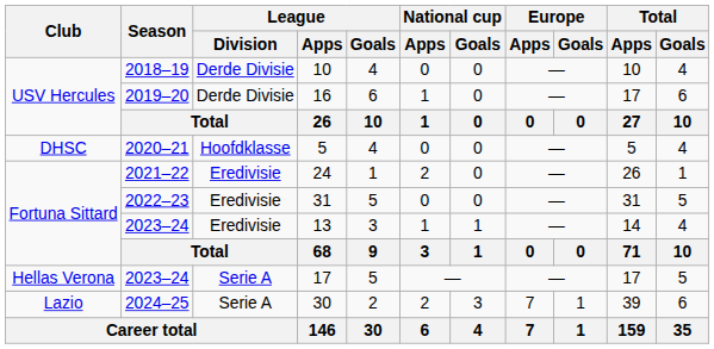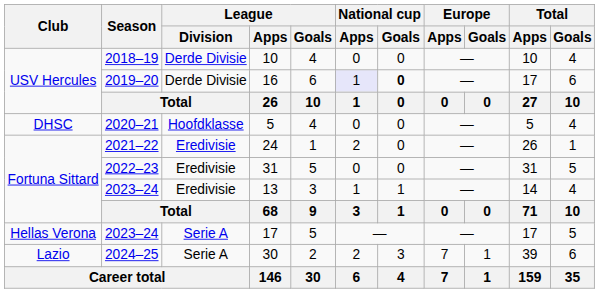 <table class="wikitable" style="text-align:center">
 <tr>
 <th rowspan="2">Club</th>
 <th rowspan="2">Season</th>
 <th colspan="3">League</th>
 <th colspan="2">National cup</th>
 <th colspan="2">Europe</th>
 <th colspan="2">Total</th>
 </tr>
 <tr>
 <th>Division</th>
 <th>Apps</th>
 <th>Goals</th>
 <th>Apps</th>
 <th>Goals</th>
 <th>Apps</th>
 <th>Goals</th>
 <th>Apps</th>
 <th>Goals</th>
 </tr>
 <tr>
 <td rowspan="3"><a href='#'>USV Hercules</a></td>
 <td><a href='#'>2018–19</a></td>
 <td><a href='#'>Derde Divisie</a></td>
 <td>10</td>
 <td>4</td>
 <td>0</td>
 <td>0</td>
 <td colspan="2">—</td>
 <td>10</td>
 <td>4</td>
 </tr>
 <tr>
 <td><a href='#'>2019–20</a></td>
 <td>Derde Divisie</td>
 <td>16</td>
 <td>6</td>
-<td>1</td>
-<td>0</td>
+<td style="background: lavender;">1</td>
+<td><strong>0</strong></td>
 <td colspan="2">—</td>
 <td>17</td>
 <td>6</td>
 </tr>
 <tr>
 <th colspan="2">Total</th>
 <th>26</th>
 <th>10</th>
 <th>1</th>
 <th>0</th>
 <th>0</th>
 <th>0</th>
 <th>27</th>
 <th>10</th>
 </tr>
 <tr>
 <td><a href='#'>DHSC</a></td>
 <td><a href='#'>2020–21</a></td>
 <td><a href='#'>Hoofdklasse</a></td>
 <td>5</td>
 <td>4</td>
 <td>0</td>
 <td>0</td>
 <td colspan="2">—</td>
 <td>5</td>
 <td>4</td>
 </tr>
 <tr>
 <td rowspan="4"><a href='#'>Fortuna Sittard</a></td>
 <td><a href='#'>2021–22</a></td>
 <td><a href='#'>Eredivisie</a></td>
 <td>24</td>
 <td>1</td>
 <td>2</td>
 <td>0</td>
 <td colspan="2">—</td>
 <td>26</td>
 <td>1</td>
 </tr>
 <tr>
 <td><a href='#'>2022–23</a></td>
 <td>Eredivisie</td>
 <td>31</td>
 <td>5</td>
 <td>0</td>
 <td>0</td>
 <td colspan="2">—</td>
 <td>31</td>
 <td>5</td>
 </tr>
 <tr>
 <td><a href='#'>2023–24</a></td>
 <td>Eredivisie</td>
 <td>13</td>
 <td>3</td>
 <td>1</td>
 <td>1</td>
 <td colspan="2">—</td>
 <td>14</td>
 <td>4</td>
 </tr>
 <tr>
 <th colspan="2">Total</th>
 <th>68</th>
 <th>9</th>
 <th>3</th>
 <th>1</th>
 <th>0</th>
 <th>0</th>
 <th>71</th>
 <th>10</th>
 </tr>
 <tr>
 <td><a href='#'>Hellas Verona</a></td>
 <td><a href='#'>2023–24</a></td>
 <td><a href='#'>Serie A</a></td>
 <td>17</td>
 <td>5</td>
 <td colspan="2">—</td>
 <td colspan="2">—</td>
 <td>17</td>
 <td>5</td>
 </tr>
 <tr>
 <td><a href='#'>Lazio</a></td>
 <td><a href='#'>2024–25</a></td>
 <td>Serie A</td>
 <td>30</td>
 <td>2</td>
 <td>2</td>
 <td>3</td>
 <td>7</td>
 <td>1</td>
 <td>39</td>
 <td>6</td>
 </tr>
 <tr>
 <th colspan="3">Career total</th>
 <th>146</th>
 <th>30</th>
 <th>6</th>
 <th>4</th>
 <th>7</th>
 <th>1</th>
 <th>159</th>
 <th>35</th>
 </tr>
 </table>
